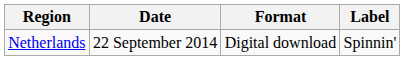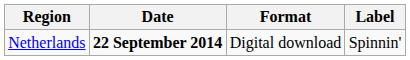 <table class=wikitable>
 <tr>
 <th>Region</th>
 <th>Date</th>
 <th>Format</th>
 <th>Label</th>
 </tr>
 <tr>
 <td><a href='#'>Netherlands</a></td>
-<td>22 September 2014</td>
+<td><strong>22 September 2014</strong></td>
 <td>Digital download</td>
 <td>Spinnin'</td>
 </tr>
 <tr>
 </tr>
 </table>
